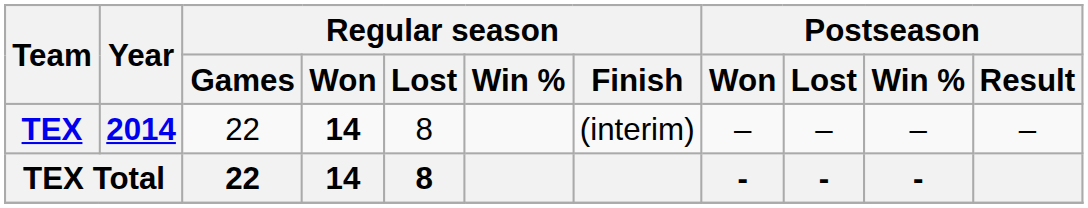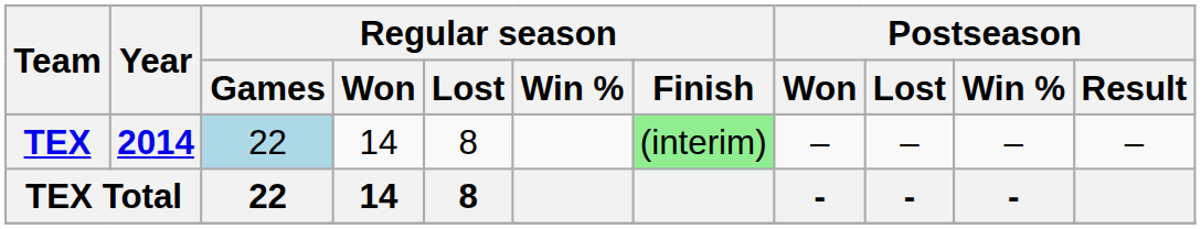 <table class="wikitable" style="font-size: 95%; text-align:center;">
 <tr>
 <th rowspan="2">Team</th>
 <th rowspan="2">Year</th>
 <th colspan="5">Regular season</th>
 <th colspan="4">Postseason</th>
 </tr>
 <tr>
 <th>Games</th>
 <th>Won</th>
 <th>Lost</th>
 <th>Win %</th>
 <th>Finish</th>
 <th>Won</th>
 <th>Lost</th>
 <th>Win %</th>
 <th>Result</th>
 </tr>
 <tr>
 <th><a href='#'>TEX</a></th>
 <th><a href='#'>2014</a></th>
-<td>22</td>
-<td><strong>14</strong></td>
+<td style="background: lightblue;">22</td>
+<td>14</td>
 <td>8</td>
 <td></td>
-<td>(interim)</td>
+<td style="background: lightgreen;">(interim)</td>
 <td>–</td>
 <td>–</td>
 <td>–</td>
 <td>–</td>
 </tr>
 <tr>
 <th colspan="2">TEX Total</th>
 <th>22</th>
 <th>14</th>
 <th>8</th>
 <th></th>
 <th></th>
 <th>-</th>
 <th>-</th>
 <th>-</th>
 <th></th>
 </tr>
 <tr>
 </tr>
 </table>
